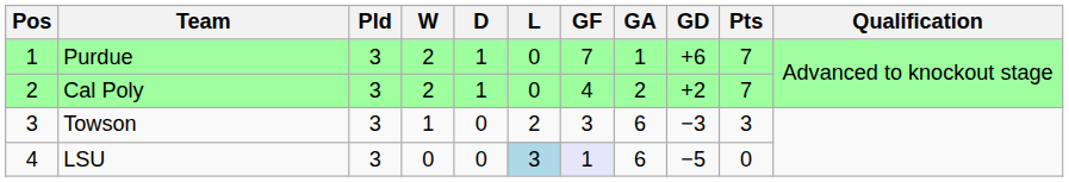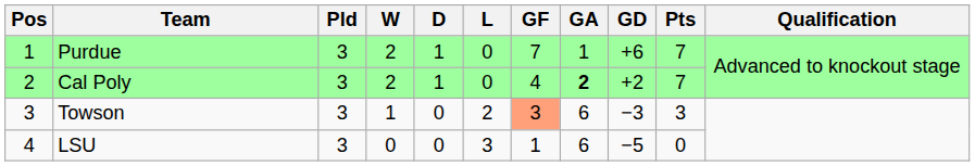 <table class="wikitable" style="text-align:center; margin: 1em auto">
 <tr>
 <th style="width:2em">Pos</th>
 <th style="width:13em">Team</th>
 <th style="width:2em">Pld</th>
 <th style="width:2em">W</th>
 <th style="width:2em">D</th>
 <th style="width:2em">L</th>
 <th style="width:2em">GF</th>
 <th style="width:2em">GA</th>
 <th style="width:2em">GD</th>
 <th style="width:2em">Pts</th>
 <th style="width:13em">Qualification</th>
 </tr>
 <tr bgcolor="#9eff9e">
 <td>1</td>
 <td style="text-align:left">Purdue</td>
 <td>3</td>
 <td>2</td>
 <td>1</td>
 <td>0</td>
 <td>7</td>
 <td>1</td>
 <td>+6</td>
 <td>7</td>
 <td rowspan="2">Advanced to knockout stage</td>
 </tr>
 <tr bgcolor="#9eff9e">
 <td>2</td>
 <td style="text-align:left">Cal Poly</td>
 <td>3</td>
 <td>2</td>
 <td>1</td>
 <td>0</td>
 <td>4</td>
-<td>2</td>
+<td><strong>2</strong></td>
 <td>+2</td>
 <td>7</td>
 </tr>
 <tr>
 <td>3</td>
 <td style="text-align:left">Towson</td>
 <td>3</td>
 <td>1</td>
 <td>0</td>
 <td>2</td>
-<td>3</td>
+<td style="background: lightsalmon;">3</td>
 <td>6</td>
 <td>−3</td>
 <td>3</td>
 </tr>
 <tr>
 <td>4</td>
 <td style="text-align:left">LSU</td>
 <td>3</td>
 <td>0</td>
 <td>0</td>
-<td style="background: lightblue;">3</td>
-<td style="background: lavender;">1</td>
+<td>3</td>
+<td>1</td>
 <td>6</td>
 <td>−5</td>
 <td>0</td>
 </tr>
 </table>
